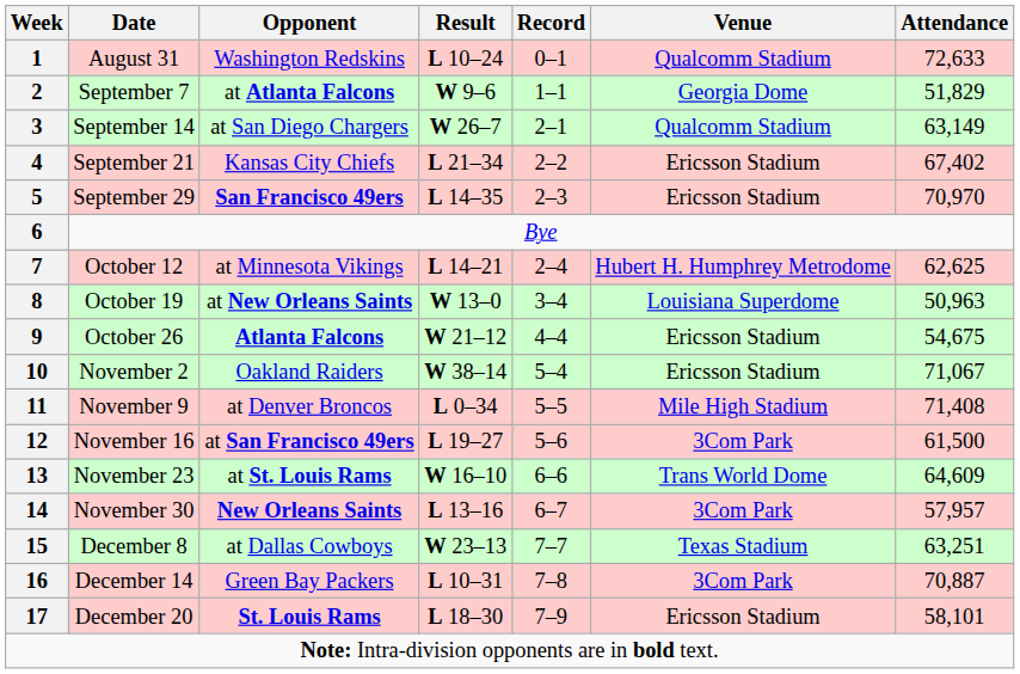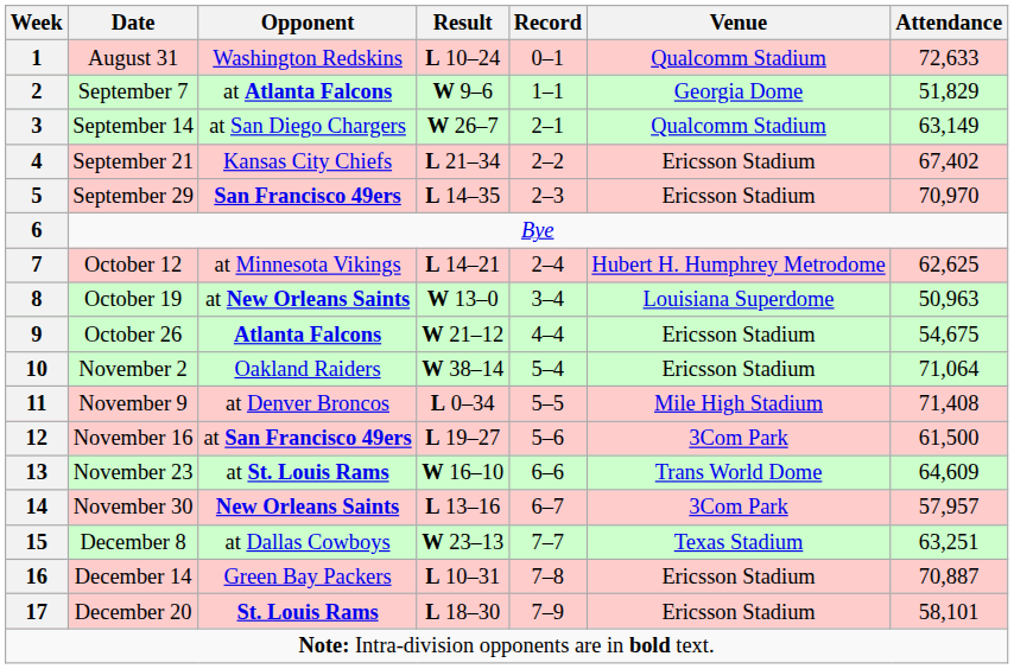 <table class="wikitable"  style="text-align: center;">
 <tr>
 <th>Week</th>
 <th>Date</th>
 <th>Opponent</th>
 <th>Result</th>
 <th>Record</th>
 <th>Venue</th>
 <th>Attendance</th>
 </tr>
 <tr style="background:#fcc">
 <th>1</th>
 <td>August 31</td>
 <td><a href='#'>Washington Redskins</a></td>
 <td><strong>L</strong> 10–24</td>
 <td>0–1</td>
 <td><a href='#'>Qualcomm Stadium</a></td>
 <td>72,633</td>
 </tr>
 <tr style="background:#cfc">
 <th>2</th>
 <td>September 7</td>
 <td>at <strong><a href='#'>Atlanta Falcons</a></strong></td>
 <td><strong>W</strong> 9–6</td>
 <td>1–1</td>
 <td><a href='#'>Georgia Dome</a></td>
 <td>51,829</td>
 </tr>
 <tr style="background:#cfc">
 <th>3</th>
 <td>September 14</td>
 <td>at <a href='#'>San Diego Chargers</a></td>
 <td><strong>W</strong> 26–7</td>
 <td>2–1</td>
 <td><a href='#'>Qualcomm Stadium</a></td>
 <td>63,149</td>
 </tr>
 <tr style="background:#fcc">
 <th>4</th>
 <td>September 21</td>
 <td><a href='#'>Kansas City Chiefs</a></td>
 <td><strong>L</strong> 21–34</td>
 <td>2–2</td>
 <td>Ericsson Stadium</td>
 <td>67,402</td>
 </tr>
 <tr style="background:#fcc">
 <th>5</th>
 <td>September 29</td>
 <td><strong><a href='#'>San Francisco 49ers</a></strong></td>
 <td><strong>L</strong> 14–35</td>
 <td>2–3</td>
 <td>Ericsson Stadium</td>
 <td>70,970</td>
 </tr>
 <tr align="center">
 <th>6</th>
 <td colspan="6"><em><a href='#'>Bye</a></em></td>
 </tr>
 <tr style="background:#fcc">
 <th>7</th>
 <td>October 12</td>
 <td>at <a href='#'>Minnesota Vikings</a></td>
 <td><strong>L</strong> 14–21</td>
 <td>2–4</td>
 <td><a href='#'>Hubert H. Humphrey Metrodome</a></td>
 <td>62,625</td>
 </tr>
 <tr style="background:#cfc">
 <th>8</th>
 <td>October 19</td>
 <td>at <strong><a href='#'>New Orleans Saints</a></strong></td>
 <td><strong>W</strong> 13–0</td>
 <td>3–4</td>
 <td><a href='#'>Louisiana Superdome</a></td>
 <td>50,963</td>
 </tr>
 <tr style="background:#cfc">
 <th>9</th>
 <td>October 26</td>
 <td><strong><a href='#'>Atlanta Falcons</a></strong></td>
 <td><strong>W</strong> 21–12</td>
 <td>4–4</td>
 <td>Ericsson Stadium</td>
 <td>54,675</td>
 </tr>
 <tr style="background:#cfc">
 <th>10</th>
 <td>November 2</td>
 <td><a href='#'>Oakland Raiders</a></td>
 <td><strong>W</strong> 38–14</td>
 <td>5–4</td>
 <td>Ericsson Stadium</td>
-<td>71,067</td>
+<td>71,064</td>
 </tr>
 <tr style="background:#fcc">
 <th>11</th>
 <td>November 9</td>
 <td>at <a href='#'>Denver Broncos</a></td>
 <td><strong>L</strong> 0–34</td>
 <td>5–5</td>
 <td><a href='#'>Mile High Stadium</a></td>
 <td>71,408</td>
 </tr>
 <tr style="background:#fcc">
 <th>12</th>
 <td>November 16</td>
 <td>at <strong><a href='#'>San Francisco 49ers</a></strong></td>
 <td><strong>L</strong> 19–27</td>
 <td>5–6</td>
 <td><a href='#'>3Com Park</a></td>
 <td>61,500</td>
 </tr>
 <tr style="background:#cfc">
 <th>13</th>
 <td>November 23</td>
 <td>at <strong><a href='#'>St. Louis Rams</a></strong></td>
 <td><strong>W</strong> 16–10</td>
 <td>6–6</td>
 <td><a href='#'>Trans World Dome</a></td>
 <td>64,609</td>
 </tr>
 <tr style="background:#fcc">
 <th>14</th>
 <td>November 30</td>
 <td><strong><a href='#'>New Orleans Saints</a></strong></td>
 <td><strong>L</strong> 13–16</td>
 <td>6–7</td>
 <td><a href='#'>3Com Park</a></td>
 <td>57,957</td>
 </tr>
 <tr style="background:#cfc">
 <th>15</th>
 <td>December 8</td>
 <td>at <a href='#'>Dallas Cowboys</a></td>
 <td><strong>W</strong> 23–13</td>
 <td>7–7</td>
 <td><a href='#'>Texas Stadium</a></td>
 <td>63,251</td>
 </tr>
 <tr style="background:#fcc">
 <th>16</th>
 <td>December 14</td>
 <td><a href='#'>Green Bay Packers</a></td>
 <td><strong>L</strong> 10–31</td>
 <td>7–8</td>
-<td><a href='#'>3Com Park</a></td>
+<td>Ericsson Stadium</td>
 <td>70,887</td>
 </tr>
 <tr style="background:#fcc">
 <th>17</th>
 <td>December 20</td>
 <td><strong><a href='#'>St. Louis Rams</a></strong></td>
 <td><strong>L</strong> 18–30</td>
 <td>7–9</td>
 <td>Ericsson Stadium</td>
 <td>58,101</td>
 </tr>
 <tr>
 <td colspan="7"><strong>Note:</strong> Intra-division opponents are in <strong>bold</strong> text.</td>
 </tr>
 </table>
